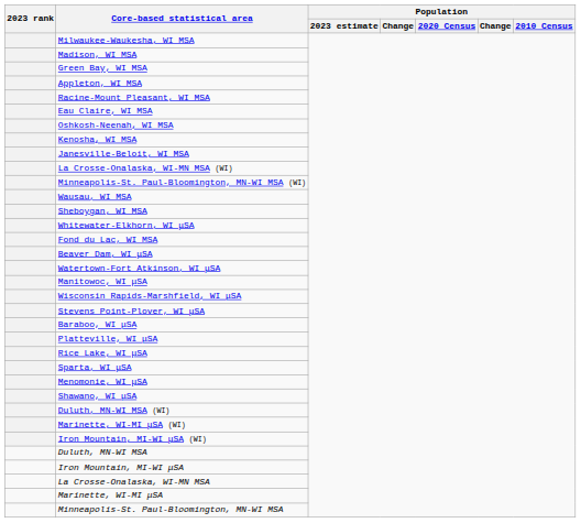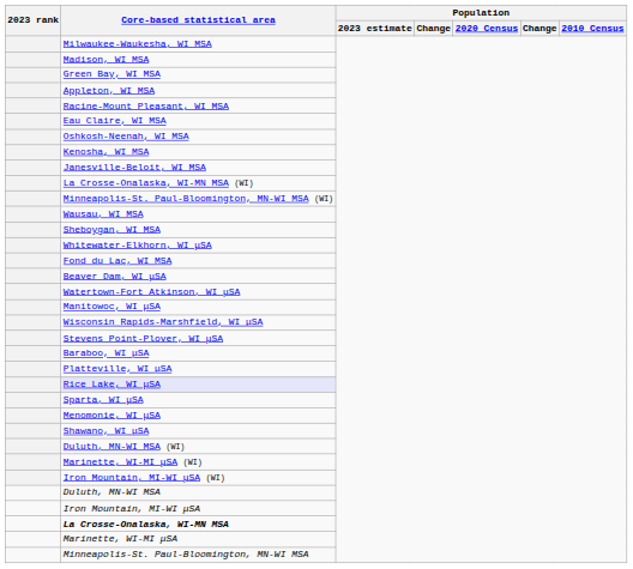 <table class="wikitable sortable">
 <tr>
 <th scope=col rowspan=2>2023 rank</th>
 <th scope=col rowspan=2><a href='#'>Core-based statistical area</a></th>
 <th colspan=5>Population</th>
 </tr>
 <tr>
 <th scope=col>2023 estimate</th>
 <th scope=col>Change</th>
 <th scope=col><a href='#'>2020 Census</a></th>
 <th scope=col>Change</th>
 <th scope=col><a href='#'>2010 Census</a></th>
 </tr>
 <tr>
 <th scope=row></th>
 <td><a href='#'>Milwaukee-Waukesha, WI MSA</a><br></td>
 </tr>
 <tr>
 <th scope=row></th>
 <td><a href='#'>Madison, WI MSA</a><br></td>
 </tr>
 <tr>
 <th scope=row></th>
 <td><a href='#'>Green Bay, WI MSA</a><br></td>
 </tr>
 <tr>
 <th scope=row></th>
 <td><a href='#'>Appleton, WI MSA</a><br></td>
 </tr>
 <tr>
 <th scope=row></th>
 <td><a href='#'>Racine-Mount Pleasant, WI MSA</a><br></td>
 </tr>
 <tr>
 <th scope=row></th>
 <td><a href='#'>Eau Claire, WI MSA</a><br></td>
 </tr>
 <tr>
 <th scope=row></th>
 <td><a href='#'>Oshkosh-Neenah, WI MSA</a><br></td>
 </tr>
 <tr>
 <th scope=row></th>
 <td><a href='#'>Kenosha, WI MSA</a><br></td>
 </tr>
 <tr>
 <th scope=row></th>
 <td><a href='#'>Janesville-Beloit, WI MSA</a><br></td>
 </tr>
 <tr>
 <th scope=row></th>
 <td><a href='#'>La Crosse-Onalaska, WI-MN MSA</a> <small>(WI)</small><br></td>
 </tr>
 <tr>
 <th scope=row></th>
 <td><a href='#'>Minneapolis-St. Paul-Bloomington, MN-WI MSA</a> <small>(WI)</small><br></td>
 </tr>
 <tr>
 <th scope=row></th>
 <td><a href='#'>Wausau, WI MSA</a><br></td>
 </tr>
 <tr>
 <th scope=row></th>
 <td><a href='#'>Sheboygan, WI MSA</a><br></td>
 </tr>
 <tr>
 <th scope=row></th>
 <td><a href='#'>Whitewater-Elkhorn, WI μSA</a><br></td>
 </tr>
 <tr>
 <th scope=row></th>
 <td><a href='#'>Fond du Lac, WI MSA</a><br></td>
 </tr>
 <tr>
 <th scope=row></th>
 <td><a href='#'>Beaver Dam, WI μSA</a><br></td>
 </tr>
 <tr>
 <th scope=row></th>
 <td><a href='#'>Watertown-Fort Atkinson, WI μSA</a><br></td>
 </tr>
 <tr>
 <th scope=row></th>
 <td><a href='#'>Manitowoc, WI μSA</a><br></td>
 </tr>
 <tr>
 <th scope=row></th>
 <td><a href='#'>Wisconsin Rapids-Marshfield, WI μSA</a><br></td>
 </tr>
 <tr>
 <th scope=row></th>
 <td><a href='#'>Stevens Point-Plover, WI μSA</a><br></td>
 </tr>
 <tr>
 <th scope=row></th>
 <td><a href='#'>Baraboo, WI μSA</a><br></td>
 </tr>
 <tr>
 <th scope=row></th>
 <td><a href='#'>Platteville, WI μSA</a><br></td>
 </tr>
 <tr>
 <th scope=row></th>
-<td><a href='#'>Rice Lake, WI μSA</a><br></td>
+<td style="background: lavender;"><a href='#'>Rice Lake, WI μSA</a><br></td>
 </tr>
 <tr>
 <th scope=row></th>
 <td><a href='#'>Sparta, WI μSA</a><br></td>
 </tr>
 <tr>
 <th scope=row></th>
 <td><a href='#'>Menomonie, WI μSA</a><br></td>
 </tr>
 <tr>
 <th scope=row></th>
 <td><a href='#'>Shawano, WI μSA</a><br></td>
 </tr>
 <tr>
 <th scope=row></th>
 <td><a href='#'>Duluth, MN-WI MSA</a> <small>(WI)</small><br></td>
 </tr>
 <tr>
 <th scope=row></th>
 <td><a href='#'>Marinette, WI-MI μSA</a> <small>(WI)</small><br></td>
 </tr>
 <tr>
 <th scope=row></th>
 <td><a href='#'>Iron Mountain, MI-WI μSA</a> <small>(WI)</small><br></td>
 </tr>
 <tr>
 <td></td>
 <td><em><span>Duluth, MN-WI MSA</span></em><br></td>
 </tr>
 <tr>
 <td></td>
 <td><em><span>Iron Mountain, MI-WI μSA</span></em><br></td>
 </tr>
 <tr>
 <td></td>
-<td><em><span>La Crosse-Onalaska, WI-MN MSA</span></em><br></td>
+<td><strong><em><span>La Crosse-Onalaska, WI-MN MSA</span></em><br></strong></td>
 </tr>
 <tr>
 <td></td>
 <td><em><span>Marinette, WI-MI μSA</span></em><br></td>
 </tr>
 <tr>
 <td></td>
 <td><em><span>Minneapolis-St. Paul-Bloomington, MN-WI MSA</span></em><br></td>
 </tr>
 </table>
